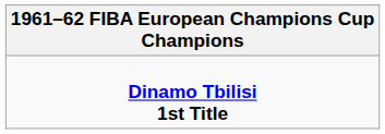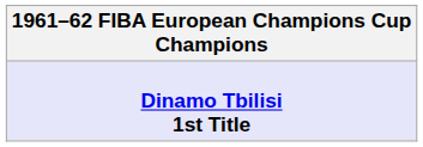 <table class=wikitable style="text-align:center; margin:auto">
 <tr>
 <th>1961–62 FIBA European Champions Cup<br>Champions</th>
 </tr>
 <tr>
-<td> <br> <strong><a href='#'>Dinamo Tbilisi</a></strong> <br> <strong>1st Title</strong></td>
+<td style="background: lavender;"> <br> <strong><a href='#'>Dinamo Tbilisi</a></strong> <br> <strong>1st Title</strong></td>
 </tr>
 </table>
